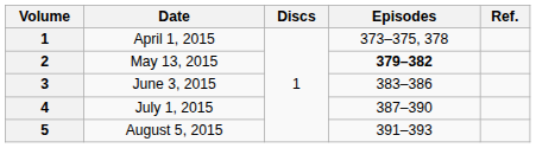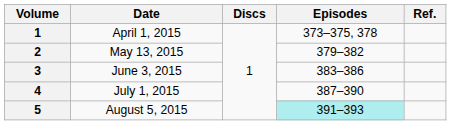 <table class="wikitable" style="text-align:center;">
 <tr>
 <th scope="col" style="width:5em;">Volume</th>
 <th scope="col" style="width:12em;">Date</th>
 <th scope="col" style="width:4em;">Discs</th>
 <th scope="col" style="width:10em;">Episodes</th>
 <th scope="col" style="width:3em;">Ref.</th>
 </tr>
 <tr>
 <th scope="row">1</th>
 <td>April 1, 2015</td>
 <td rowspan="5">1</td>
 <td>373–375, 378</td>
 <td></td>
 </tr>
 <tr>
 <th scope="row">2</th>
 <td>May 13, 2015</td>
-<td><strong>379–382</strong></td>
+<td>379–382</td>
 <td></td>
 </tr>
 <tr>
 <th scope="row">3</th>
 <td>June 3, 2015</td>
 <td>383–386</td>
 <td></td>
 </tr>
 <tr>
 <th scope="row">4</th>
 <td>July 1, 2015</td>
 <td>387–390</td>
 <td></td>
 </tr>
 <tr>
 <th scope="row">5</th>
 <td>August 5, 2015</td>
-<td>391–393</td>
+<td style="background: paleturquoise;">391–393</td>
 <td></td>
 </tr>
 </table>
